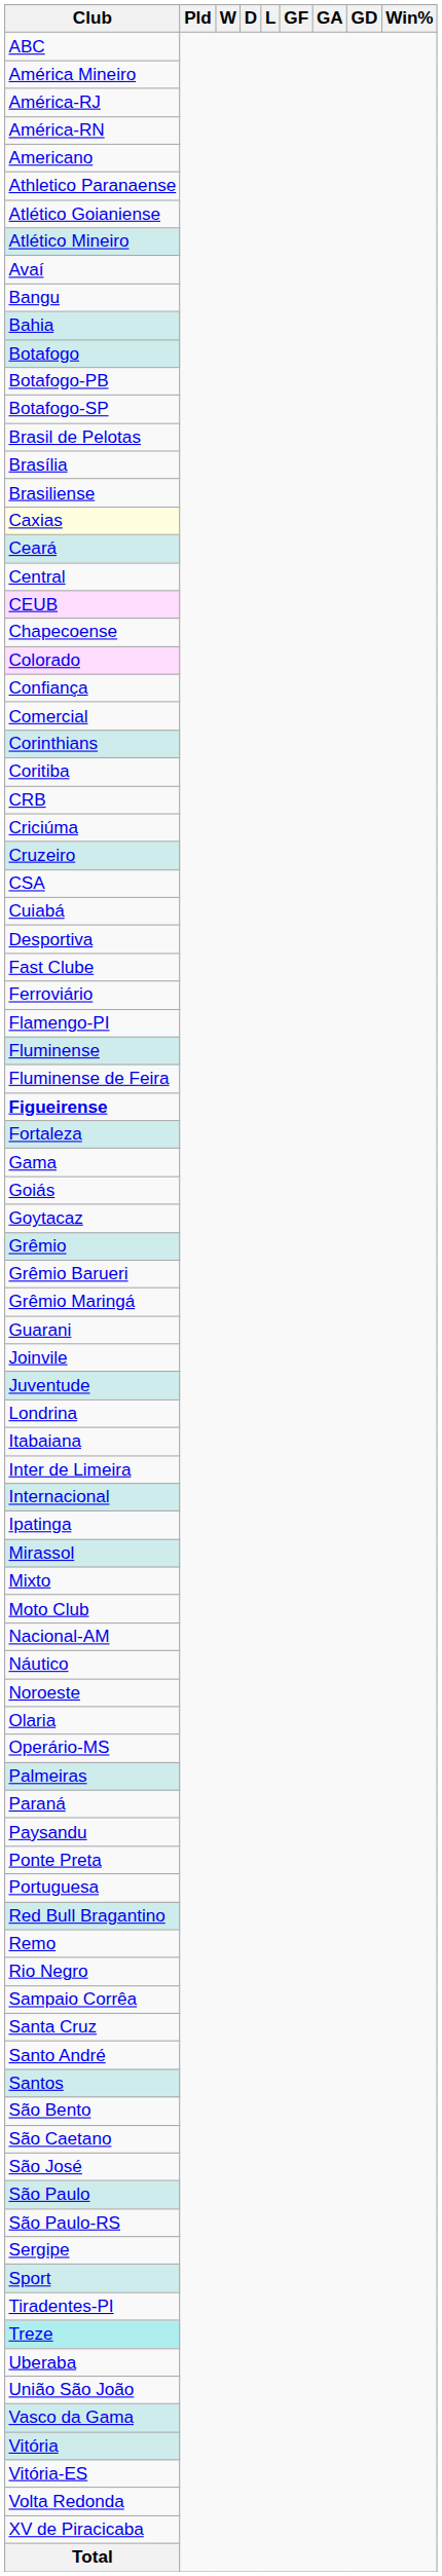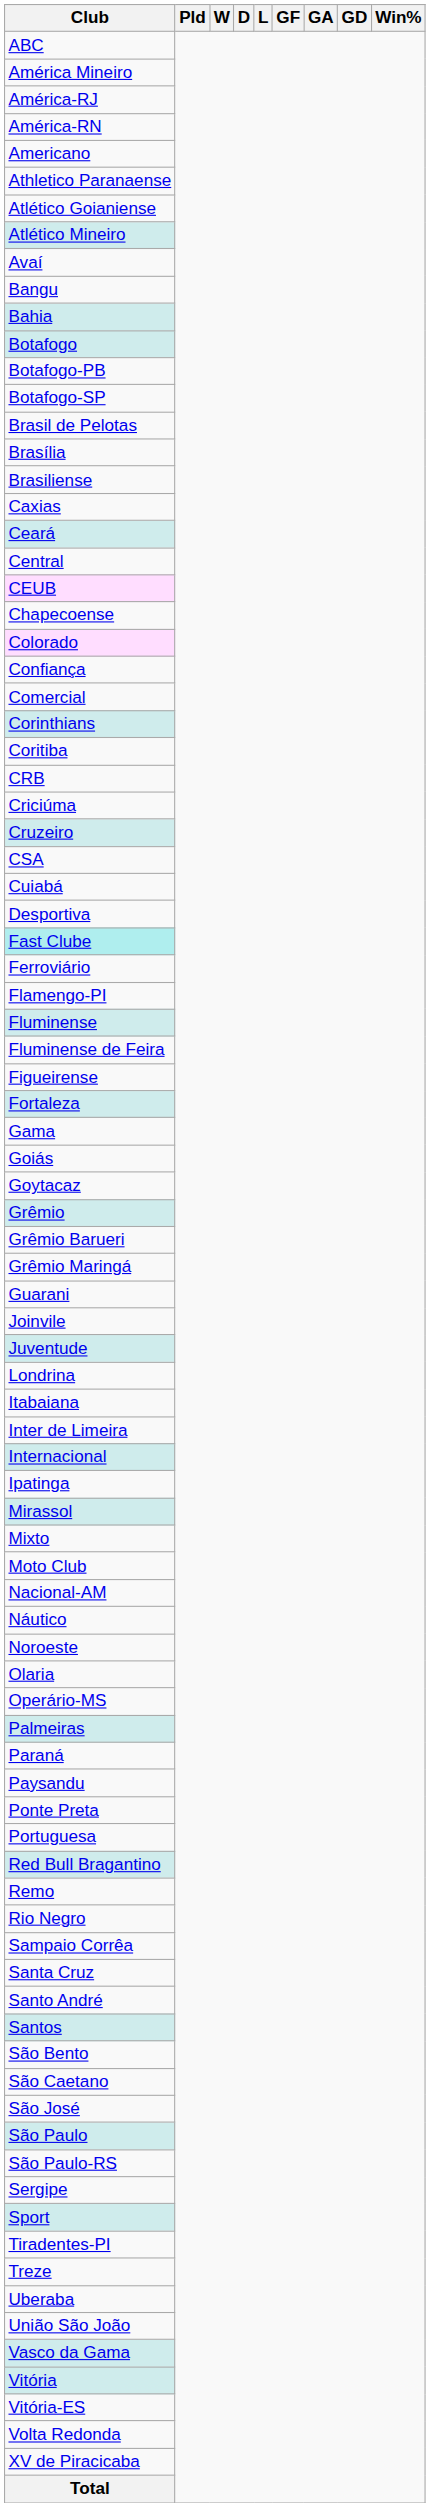 <table class="wikitable plainrowheaders sortable" style="text-align:center">
 <tr>
 <th scope="col">Club</th>
 <th scope="col">Pld</th>
 <th scope="col">W</th>
 <th scope="col">D</th>
 <th scope="col">L</th>
 <th scope="col">GF</th>
 <th scope="col">GA</th>
 <th scope="col">GD</th>
 <th scope="col">Win%</th>
 </tr>
 <tr>
 <td scope="row" align=left><a href='#'>ABC</a><br></td>
 </tr>
 <tr>
 <td scope="row" align=left><a href='#'>América Mineiro</a><br></td>
 </tr>
 <tr>
 <td scope="row" align=left><a href='#'>América-RJ</a><br></td>
 </tr>
 <tr>
 <td scope="row" align=left><a href='#'>América-RN</a><br></td>
 </tr>
 <tr>
 <td scope="row" align=left><a href='#'>Americano</a><br></td>
 </tr>
 <tr>
 <td scope="row" align=left><a href='#'>Athletico Paranaense</a><br></td>
 </tr>
 <tr>
 <td scope="row" align=left><a href='#'>Atlético Goianiense</a><br></td>
 </tr>
 <tr>
 <td scope="row" align=left bgcolor="#cfecec"><a href='#'>Atlético Mineiro</a><br></td>
 </tr>
 <tr>
 <td scope="row" align=left><a href='#'>Avaí</a><br></td>
 </tr>
 <tr>
 <td scope="row" align=left><a href='#'>Bangu</a><br></td>
 </tr>
 <tr>
 <td scope="row" align=left bgcolor="#cfecec"><a href='#'>Bahia</a><br></td>
 </tr>
 <tr>
 <td scope="row" align=left bgcolor="#cfecec"><a href='#'>Botafogo</a><br></td>
 </tr>
 <tr>
 <td scope="row" align=left><a href='#'>Botafogo-PB</a><br></td>
 </tr>
 <tr>
 <td scope="row" align=left><a href='#'>Botafogo-SP</a><br></td>
 </tr>
 <tr>
 <td scope="row" align=left><a href='#'>Brasil de Pelotas</a><br></td>
 </tr>
 <tr>
 <td scope="row" align=left><a href='#'>Brasília</a><br></td>
 </tr>
 <tr>
 <td scope="row" align=left><a href='#'>Brasiliense</a><br></td>
 </tr>
 <tr>
-<td scope="row" align=left style="background: lightyellow;"><a href='#'>Caxias</a><br></td>
+<td scope="row" align=left><a href='#'>Caxias</a><br></td>
 </tr>
 <tr>
 <td scope="row" align=left bgcolor="#cfecec"><a href='#'>Ceará</a><br></td>
 </tr>
 <tr>
 <td scope="row" align=left><a href='#'>Central</a><br></td>
 </tr>
 <tr>
 <td scope="row" align=left bgcolor="#FFDDFF"><a href='#'>CEUB</a><br></td>
 </tr>
 <tr>
 <td scope="row" align=left><a href='#'>Chapecoense</a><br></td>
 </tr>
 <tr>
 <td scope="row" align=left bgcolor="#FFDDFF"><a href='#'>Colorado</a><br></td>
 </tr>
 <tr>
 <td scope="row" align=left><a href='#'>Confiança</a><br></td>
 </tr>
 <tr>
 <td scope="row" align=left><a href='#'>Comercial</a><br></td>
 </tr>
 <tr>
 <td scope="row" align=left bgcolor="#cfecec"><a href='#'>Corinthians</a><br></td>
 </tr>
 <tr>
 <td scope="row" align=left><a href='#'>Coritiba</a><br></td>
 </tr>
 <tr>
 <td scope="row" align=left><a href='#'>CRB</a><br></td>
 </tr>
 <tr>
 <td scope="row" align=left><a href='#'>Criciúma</a><br></td>
 </tr>
 <tr>
 <td scope="row" align=left bgcolor="#cfecec"><a href='#'>Cruzeiro</a><br></td>
 </tr>
 <tr>
 <td scope="row" align=left><a href='#'>CSA</a><br></td>
 </tr>
 <tr>
 <td scope="row" align=left><a href='#'>Cuiabá</a><br></td>
 </tr>
 <tr>
 <td scope="row" align=left><a href='#'>Desportiva</a><br></td>
 </tr>
 <tr>
-<td scope="row" align=left><a href='#'>Fast Clube</a><br></td>
+<td scope="row" align=left style="background: paleturquoise;"><a href='#'>Fast Clube</a><br></td>
 </tr>
 <tr>
 <td scope="row" align=left><a href='#'>Ferroviário</a><br></td>
 </tr>
 <tr>
 <td scope="row" align=left><a href='#'>Flamengo-PI</a><br></td>
 </tr>
 <tr>
 <td scope="row" align=left bgcolor="#cfecec"><a href='#'>Fluminense</a><br></td>
 </tr>
 <tr>
 <td scope="row" align=left><a href='#'>Fluminense de Feira</a><br></td>
 </tr>
 <tr>
-<td scope="row" align=left><strong><a href='#'>Figueirense</a><br></strong></td>
+<td scope="row" align=left><a href='#'>Figueirense</a><br></td>
 </tr>
 <tr>
 <td scope="row" align=left bgcolor="#cfecec"><a href='#'>Fortaleza</a><br></td>
 </tr>
 <tr>
 <td scope="row" align=left><a href='#'>Gama</a><br></td>
 </tr>
 <tr>
 <td scope="row" align=left><a href='#'>Goiás</a><br></td>
 </tr>
 <tr>
 <td scope="row" align=left><a href='#'>Goytacaz</a><br></td>
 </tr>
 <tr>
 <td scope="row" align=left bgcolor="#cfecec"><a href='#'>Grêmio</a><br></td>
 </tr>
 <tr>
 <td scope="row" align=left><a href='#'>Grêmio Barueri</a><br></td>
 </tr>
 <tr>
 <td scope="row" align=left><a href='#'>Grêmio Maringá</a><br></td>
 </tr>
 <tr>
 <td scope="row" align=left><a href='#'>Guarani</a><br></td>
 </tr>
 <tr>
 <td scope="row" align=left><a href='#'>Joinvile</a><br></td>
 </tr>
 <tr>
 <td scope="row" align=left bgcolor="#cfecec"><a href='#'>Juventude</a><br></td>
 </tr>
 <tr>
 <td scope="row" align=left><a href='#'>Londrina</a><br></td>
 </tr>
 <tr>
 <td scope="row" align=left><a href='#'>Itabaiana</a><br></td>
 </tr>
 <tr>
 <td scope="row" align=left><a href='#'>Inter de Limeira</a><br></td>
 </tr>
 <tr>
 <td scope="row" align=left bgcolor="#cfecec"><a href='#'>Internacional</a><br></td>
 </tr>
 <tr>
 <td scope="row" align=left><a href='#'>Ipatinga</a><br></td>
 </tr>
 <tr>
 <td scope="row" align=left bgcolor="#cfecec"><a href='#'>Mirassol</a><br></td>
 </tr>
 <tr>
 <td scope="row" align=left><a href='#'>Mixto</a><br></td>
 </tr>
 <tr>
 <td scope="row" align=left><a href='#'>Moto Club</a><br></td>
 </tr>
 <tr>
 <td scope="row" align=left><a href='#'>Nacional-AM</a><br></td>
 </tr>
 <tr>
 <td scope="row" align=left><a href='#'>Náutico</a><br></td>
 </tr>
 <tr>
 <td scope="row" align=left><a href='#'>Noroeste</a><br></td>
 </tr>
 <tr>
 <td scope="row" align=left><a href='#'>Olaria</a><br></td>
 </tr>
 <tr>
 <td scope="row" align=left><a href='#'>Operário-MS</a><br></td>
 </tr>
 <tr>
 <td scope="row" align=left bgcolor="#cfecec"><a href='#'>Palmeiras</a><br></td>
 </tr>
 <tr>
 <td scope="row" align=left><a href='#'>Paraná</a><br></td>
 </tr>
 <tr>
 <td scope="row" align=left><a href='#'>Paysandu</a><br></td>
 </tr>
 <tr>
 <td scope="row" align=left><a href='#'>Ponte Preta</a><br></td>
 </tr>
 <tr>
 <td scope="row" align=left><a href='#'>Portuguesa</a><br></td>
 </tr>
 <tr>
 <td scope="row" align=left bgcolor="#cfecec"><a href='#'>Red Bull Bragantino</a><br></td>
 </tr>
 <tr>
 <td scope="row" align=left><a href='#'>Remo</a><br></td>
 </tr>
 <tr>
 <td scope="row" align=left><a href='#'>Rio Negro</a><br></td>
 </tr>
 <tr>
 <td scope="row" align=left><a href='#'>Sampaio Corrêa</a><br></td>
 </tr>
 <tr>
 <td scope="row" align=left><a href='#'>Santa Cruz</a><br></td>
 </tr>
 <tr>
 <td scope="row" align=left><a href='#'>Santo André</a><br></td>
 </tr>
 <tr>
 <td scope="row" align=left bgcolor="#cfecec"><a href='#'>Santos</a><br></td>
 </tr>
 <tr>
 <td scope="row" align=left><a href='#'>São Bento</a><br></td>
 </tr>
 <tr>
 <td scope="row" align=left><a href='#'>São Caetano</a><br></td>
 </tr>
 <tr>
 <td scope="row" align=left><a href='#'>São José</a><br></td>
 </tr>
 <tr>
 <td scope="row" align=left bgcolor="#cfecec"><a href='#'>São Paulo</a><br></td>
 </tr>
 <tr>
 <td scope="row" align=left><a href='#'>São Paulo-RS</a><br></td>
 </tr>
 <tr>
 <td scope="row" align=left><a href='#'>Sergipe</a><br></td>
 </tr>
 <tr>
 <td scope="row" align=left bgcolor="#cfecec"><a href='#'>Sport</a><br></td>
 </tr>
 <tr>
 <td scope="row" align=left><a href='#'>Tiradentes-PI</a><br></td>
 </tr>
 <tr>
-<td scope="row" align=left style="background: paleturquoise;"><a href='#'>Treze</a><br></td>
+<td scope="row" align=left><a href='#'>Treze</a><br></td>
 </tr>
 <tr>
 <td scope="row" align=left><a href='#'>Uberaba</a><br></td>
 </tr>
 <tr>
 <td scope="row" align=left><a href='#'>União São João</a><br></td>
 </tr>
 <tr>
 <td scope="row" align=left bgcolor="#cfecec"><a href='#'>Vasco da Gama</a><br></td>
 </tr>
 <tr>
 <td scope="row" align=left bgcolor="#cfecec"><a href='#'>Vitória</a><br></td>
 </tr>
 <tr>
 <td scope="row" align=left><a href='#'>Vitória-ES</a><br></td>
 </tr>
 <tr>
 <td scope="row" align=left><a href='#'>Volta Redonda</a><br></td>
 </tr>
 <tr>
 <td scope="row" align=left><a href='#'>XV de Piracicaba</a><br></td>
 </tr>
 <tr>
 <th>Total<br></th>
 </tr>
 </table>
